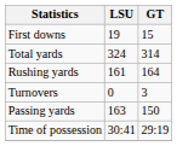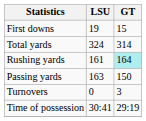 <table class="wikitable" style="float: left;">
 <tr>
 <th>Statistics</th>
 <th>LSU</th>
 <th>GT</th>
 </tr>
 <tr>
 <td>First downs</td>
 <td>19</td>
 <td>15</td>
 </tr>
 <tr>
 <td>Total yards</td>
 <td>324</td>
 <td>314</td>
 </tr>
 <tr>
 <td>Rushing yards</td>
 <td>161</td>
-<td>164</td>
+<td style="background: paleturquoise;">164</td>
+</tr>
+<tr>
+<td>Passing yards</td>
+<td>163</td>
+<td>150</td>
 </tr>
 <tr>
 <td>Turnovers</td>
 <td>0</td>
 <td>3</td>
-</tr>
-<tr>
-<td>Passing yards</td>
-<td>163</td>
-<td>150</td>
 </tr>
 <tr>
 <td>Time of possession</td>
 <td>30:41</td>
 <td>29:19</td>
 </tr>
 <tr>
 </tr>
 </table>
